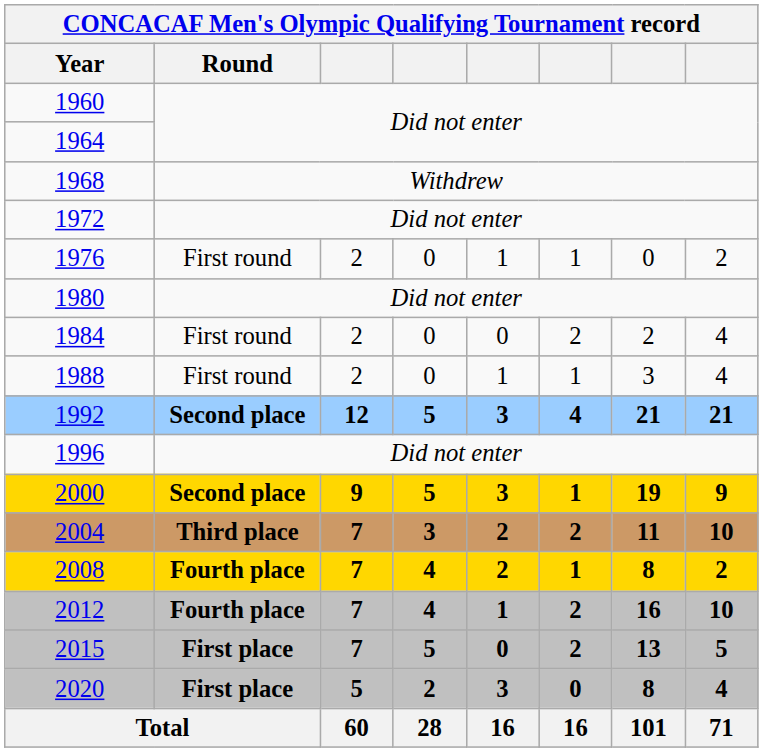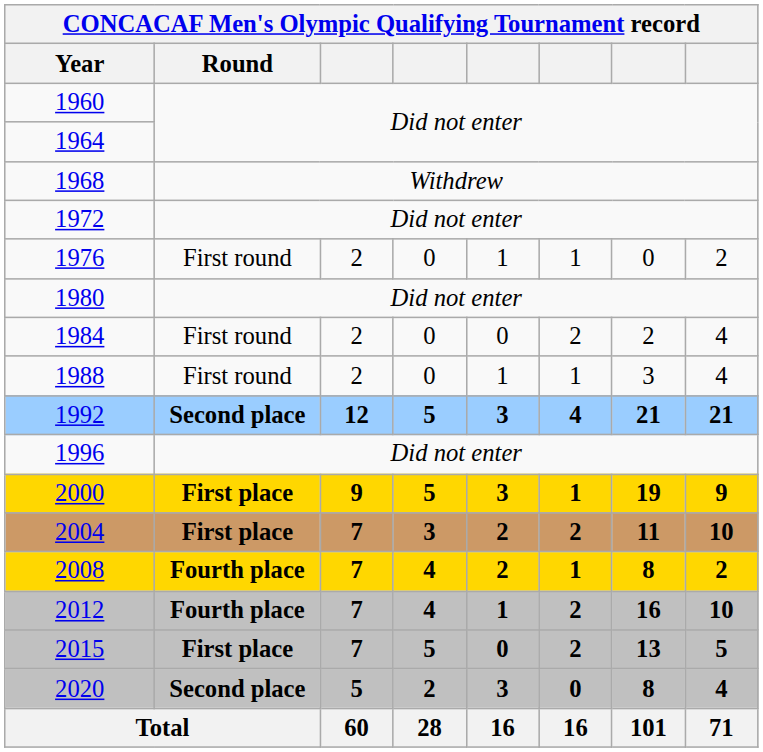 <table class="wikitable" style="text-align: center;">
 <tr>
 <th colspan=9><a href='#'>CONCACAF Men's Olympic Qualifying Tournament</a> record</th>
 </tr>
 <tr>
 <th width=90>Year</th>
 <th width=100>Round</th>
 <th width=40></th>
 <th width=40></th>
 <th width=40></th>
 <th width=40></th>
 <th width=40></th>
 <th width=40></th>
 </tr>
 <tr>
 <td> <a href='#'>1960</a></td>
 <td colspan=8 rowspan=2><em>Did not enter</em></td>
 </tr>
 <tr>
 <td> <a href='#'>1964</a></td>
 </tr>
 <tr>
 <td><a href='#'>1968</a></td>
 <td colspan=8><em>Withdrew</em></td>
 </tr>
 <tr>
 <td><a href='#'>1972</a></td>
 <td colspan=8><em>Did not enter</em></td>
 </tr>
 <tr>
 <td><a href='#'>1976</a></td>
 <td>First round</td>
 <td>2</td>
 <td>0</td>
 <td>1</td>
 <td>1</td>
 <td>0</td>
 <td>2</td>
 </tr>
 <tr>
 <td><a href='#'>1980</a></td>
 <td colspan=8><em>Did not enter</em></td>
 </tr>
 <tr>
 <td><a href='#'>1984</a></td>
 <td>First round</td>
 <td>2</td>
 <td>0</td>
 <td>0</td>
 <td>2</td>
 <td>2</td>
 <td>4</td>
 </tr>
 <tr>
 <td><a href='#'>1988</a></td>
 <td>First round</td>
 <td>2</td>
 <td>0</td>
 <td>1</td>
 <td>1</td>
 <td>3</td>
 <td>4</td>
 </tr>
 <tr style="background:#9acdff">
 <td><a href='#'>1992</a></td>
 <td><strong>Second place</strong></td>
 <td><strong>12</strong></td>
 <td><strong>5</strong></td>
 <td><strong>3</strong></td>
 <td><strong>4</strong></td>
 <td><strong>21</strong></td>
 <td><strong>21</strong></td>
 </tr>
 <tr>
 <td> <a href='#'>1996</a></td>
 <td colspan=8><em>Did not enter</em></td>
 </tr>
 <tr style="background:Gold">
 <td> <a href='#'>2000</a></td>
-<td><strong>Second place</strong></td>
+<td><strong>First place</strong></td>
 <td><strong>9</strong></td>
 <td><strong>5</strong></td>
 <td><strong>3</strong></td>
 <td><strong>1</strong></td>
 <td><strong>19</strong></td>
 <td><strong>9</strong></td>
 </tr>
 <tr style="background:#c96;">
 <td> <a href='#'>2004</a></td>
-<td><strong>Third place</strong></td>
+<td><strong>First place</strong></td>
 <td><strong>7</strong></td>
 <td><strong>3</strong></td>
 <td><strong>2</strong></td>
 <td><strong>2</strong></td>
 <td><strong>11</strong></td>
 <td><strong>10</strong></td>
 </tr>
 <tr style="background:Gold">
 <td> <a href='#'>2008</a></td>
 <td><strong>Fourth place</strong></td>
 <td><strong>7</strong></td>
 <td><strong>4</strong></td>
 <td><strong>2</strong></td>
 <td><strong>1</strong></td>
 <td><strong>8</strong></td>
 <td><strong>2</strong></td>
 </tr>
 <tr style="background:Silver">
 <td> <a href='#'>2012</a></td>
 <td><strong>Fourth place</strong></td>
 <td><strong>7</strong></td>
 <td><strong>4</strong></td>
 <td><strong>1</strong></td>
 <td><strong>2</strong></td>
 <td><strong>16</strong></td>
 <td><strong>10</strong></td>
 </tr>
 <tr style="background:Silver">
 <td> <a href='#'>2015</a></td>
 <td><strong>First place</strong></td>
 <td><strong>7</strong></td>
 <td><strong>5</strong></td>
 <td><strong>0</strong></td>
 <td><strong>2</strong></td>
 <td><strong>13</strong></td>
 <td><strong>5</strong></td>
 </tr>
 <tr style="background:Silver">
 <td> <a href='#'>2020</a></td>
-<td><strong>First place</strong></td>
+<td><strong>Second place</strong></td>
 <td><strong>5</strong></td>
 <td><strong>2</strong></td>
 <td><strong>3</strong></td>
 <td><strong>0</strong></td>
 <td><strong>8</strong></td>
 <td><strong>4</strong></td>
 </tr>
 <tr>
 <th colspan=2>Total</th>
 <th>60</th>
 <th>28</th>
 <th>16</th>
 <th>16</th>
 <th>101</th>
 <th>71</th>
 </tr>
 </table>
